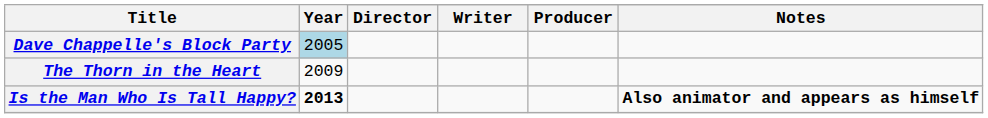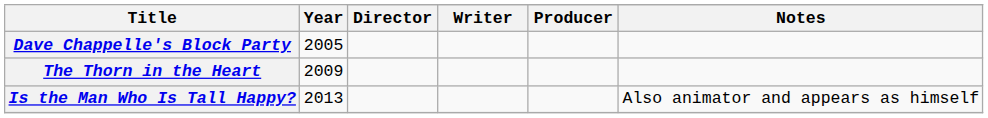 <table class="wikitable plainrowheaders" style="margin-right: 0;">
 <tr>
 <th rowspan="2" scope="col">Title</th>
 <th rowspan="2" scope="col">Year</th>
 </tr>
 <tr>
 <th width="65">Director</th>
 <th width="65">Writer</th>
 <th width="65">Producer</th>
 <th>Notes</th>
 </tr>
 <tr>
 <th scope="row"><em><a href='#'>Dave Chappelle's Block Party</a></em></th>
-<td style="background: lightblue;">2005</td>
+<td>2005</td>
 <td></td>
 <td></td>
 <td></td>
 <td></td>
 </tr>
 <tr>
 <th scope="row"><em><a href='#'>The Thorn in the Heart</a></em></th>
 <td>2009</td>
 <td></td>
 <td></td>
 <td></td>
 <td></td>
 </tr>
 <tr>
 <th scope="row"><em><a href='#'>Is the Man Who Is Tall Happy?</a></em></th>
-<td><strong>2013</strong></td>
+<td>2013</td>
 <td></td>
 <td></td>
 <td></td>
-<td><strong>Also animator and appears as himself</strong></td>
+<td>Also animator and appears as himself</td>
 </tr>
 <tr>
 </tr>
 </table>
